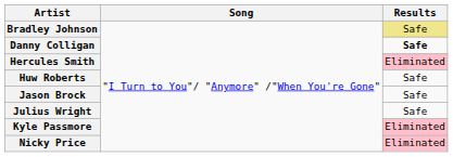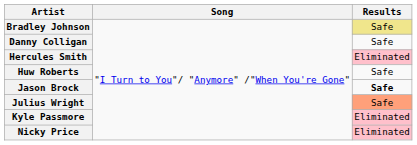 <table class="wikitable plainrowheaders" style="text-align:center;">
 <tr>
 <th scope="col">Artist</th>
 <th scope="col">Song</th>
 <th scope="col">Results</th>
 </tr>
 <tr>
 <th scope="row">Bradley Johnson</th>
 <td rowspan="8">"<a href='#'>I Turn to You</a>"/ "<a href='#'>Anymore</a>" /"<a href='#'>When You're Gone</a>"</td>
 <td style="background: khaki;">Safe</td>
 </tr>
 <tr>
 <th scope="row">Danny Colligan</th>
-<td><strong>Safe</strong></td>
+<td>Safe</td>
 </tr>
 <tr>
 <th scope="row">Hercules Smith</th>
 <td style="background:pink;">Eliminated</td>
 </tr>
 <tr>
 <th scope="row">Huw Roberts</th>
 <td>Safe</td>
 </tr>
 <tr>
 <th scope="row">Jason Brock</th>
-<td>Safe</td>
+<td><strong>Safe</strong></td>
 </tr>
 <tr>
 <th scope="row">Julius Wright</th>
-<td>Safe</td>
+<td style="background: lightsalmon;">Safe</td>
 </tr>
 <tr>
 <th scope="row">Kyle Passmore</th>
 <td style="background:pink;">Eliminated</td>
 </tr>
 <tr>
 <th scope="row">Nicky Price</th>
 <td style="background:pink;">Eliminated</td>
 </tr>
 </table>
